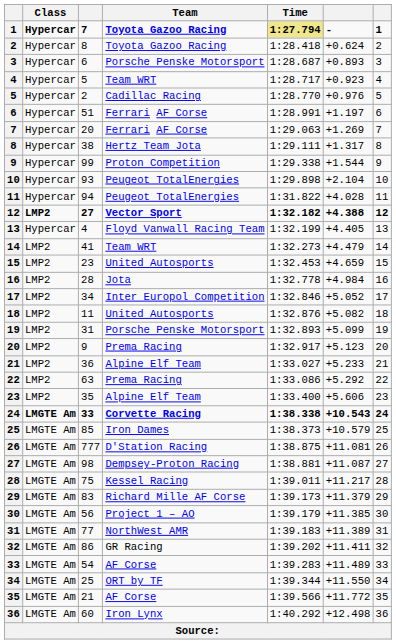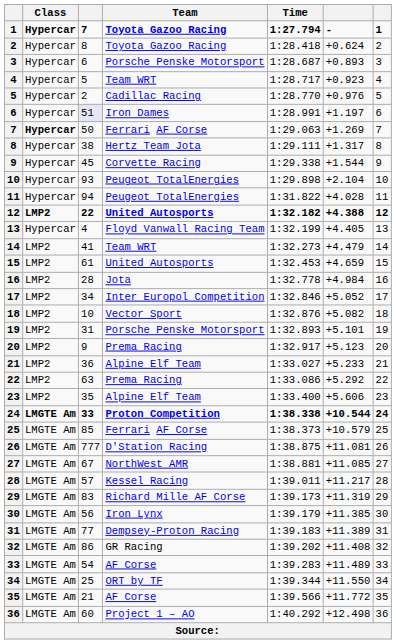 <table class="wikitable" style="font-size:85%;">
 <tr>
 <th></th>
 <th>Class</th>
 <th></th>
 <th>Team</th>
 <th>Time</th>
 <th></th>
 <th></th>
 </tr>
 <tr style="font-weight:bold">
 <th>1</th>
 <td>Hypercar</td>
 <td>7</td>
 <td> <a href='#'>Toyota Gazoo Racing</a></td>
-<td style="background: khaki;">1:27.794</td>
+<td>1:27.794</td>
 <td>-</td>
 <td>1</td>
 </tr>
 <tr>
 <th>2</th>
 <td>Hypercar</td>
 <td>8</td>
 <td> <a href='#'>Toyota Gazoo Racing</a></td>
 <td>1:28.418</td>
 <td>+0.624</td>
 <td>2</td>
 </tr>
 <tr>
 <th>3</th>
 <td>Hypercar</td>
 <td>6</td>
 <td> <a href='#'>Porsche Penske Motorsport</a></td>
 <td>1:28.687</td>
 <td>+0.893</td>
 <td>3</td>
 </tr>
 <tr>
 <th>4</th>
 <td>Hypercar</td>
 <td>5</td>
 <td> <a href='#'>Team WRT</a></td>
 <td>1:28.717</td>
 <td>+0.923</td>
 <td>4</td>
 </tr>
 <tr>
 <th>5</th>
 <td>Hypercar</td>
 <td>2</td>
 <td> <a href='#'>Cadillac Racing</a></td>
 <td>1:28.770</td>
 <td>+0.976</td>
 <td>5</td>
 </tr>
 <tr>
 <th>6</th>
 <td>Hypercar</td>
-<td>51</td>
-<td> <a href='#'>Ferrari</a> <a href='#'>AF Corse</a></td>
+<td style="background: lavender;">51</td>
+<td> <a href='#'>Iron Dames</a></td>
 <td>1:28.991</td>
 <td>+1.197</td>
 <td>6</td>
 </tr>
 <tr>
 <th>7</th>
-<td>Hypercar</td>
-<td>20</td>
+<td><strong>Hypercar</strong></td>
+<td>50</td>
 <td> <a href='#'>Ferrari</a> <a href='#'>AF Corse</a></td>
 <td>1:29.063</td>
 <td>+1.269</td>
 <td>7</td>
 </tr>
 <tr>
 <th>8</th>
 <td>Hypercar</td>
 <td>38</td>
 <td> <a href='#'>Hertz Team Jota</a></td>
 <td>1:29.111</td>
 <td>+1.317</td>
 <td>8</td>
 </tr>
 <tr>
 <th>9</th>
 <td>Hypercar</td>
-<td>99</td>
-<td> <a href='#'>Proton Competition</a></td>
+<td>45</td>
+<td> <a href='#'>Corvette Racing</a></td>
 <td>1:29.338</td>
 <td>+1.544</td>
 <td>9</td>
 </tr>
 <tr>
 <th>10</th>
 <td>Hypercar</td>
 <td>93</td>
 <td> <a href='#'>Peugeot TotalEnergies</a></td>
 <td>1:29.898</td>
 <td>+2.104</td>
 <td>10</td>
 </tr>
 <tr>
 <th>11</th>
 <td>Hypercar</td>
 <td>94</td>
 <td> <a href='#'>Peugeot TotalEnergies</a></td>
 <td>1:31.822</td>
 <td>+4.028</td>
 <td>11</td>
 </tr>
 <tr style="font-weight:bold">
 <th>12</th>
 <td>LMP2</td>
-<td>27</td>
-<td> <a href='#'>Vector Sport</a></td>
+<td>22</td>
+<td> <a href='#'>United Autosports</a></td>
 <td>1:32.182</td>
 <td>+4.388</td>
 <td>12</td>
 </tr>
 <tr>
 <th>13</th>
 <td>Hypercar</td>
 <td>4</td>
 <td> <a href='#'>Floyd Vanwall Racing Team</a></td>
 <td>1:32.199</td>
 <td>+4.405</td>
 <td>13</td>
 </tr>
 <tr>
 <th>14</th>
 <td>LMP2</td>
 <td>41</td>
 <td> <a href='#'>Team WRT</a></td>
 <td>1:32.273</td>
 <td>+4.479</td>
 <td>14</td>
 </tr>
 <tr>
 <th>15</th>
 <td>LMP2</td>
-<td>23</td>
+<td>61</td>
 <td> <a href='#'>United Autosports</a></td>
 <td>1:32.453</td>
 <td>+4.659</td>
 <td>15</td>
 </tr>
 <tr>
 <th>16</th>
 <td>LMP2</td>
 <td>28</td>
 <td> <a href='#'>Jota</a></td>
 <td>1:32.778</td>
 <td>+4.984</td>
 <td>16</td>
 </tr>
 <tr>
 <th>17</th>
 <td>LMP2</td>
 <td>34</td>
 <td> <a href='#'>Inter Europol Competition</a></td>
 <td>1:32.846</td>
 <td>+5.052</td>
 <td>17</td>
 </tr>
 <tr>
 <th>18</th>
 <td>LMP2</td>
-<td>11</td>
-<td> <a href='#'>United Autosports</a></td>
+<td>10</td>
+<td> <a href='#'>Vector Sport</a></td>
 <td>1:32.876</td>
 <td>+5.082</td>
 <td>18</td>
 </tr>
 <tr>
 <th>19</th>
 <td>LMP2</td>
 <td>31</td>
 <td> <a href='#'>Porsche Penske Motorsport</a></td>
 <td>1:32.893</td>
-<td>+5.099</td>
+<td>+5.101</td>
 <td>19</td>
 </tr>
 <tr>
 <th>20</th>
 <td>LMP2</td>
 <td>9</td>
 <td> <a href='#'>Prema Racing</a></td>
 <td>1:32.917</td>
 <td>+5.123</td>
 <td>20</td>
 </tr>
 <tr>
 <th>21</th>
 <td>LMP2</td>
 <td>36</td>
 <td> <a href='#'>Alpine Elf Team</a></td>
 <td>1:33.027</td>
 <td>+5.233</td>
 <td>21</td>
 </tr>
 <tr>
 <th>22</th>
 <td>LMP2</td>
 <td>63</td>
 <td> <a href='#'>Prema Racing</a></td>
 <td>1:33.086</td>
 <td>+5.292</td>
 <td>22</td>
 </tr>
 <tr>
 <th>23</th>
 <td>LMP2</td>
 <td>35</td>
 <td> <a href='#'>Alpine Elf Team</a></td>
 <td>1:33.400</td>
 <td>+5.606</td>
 <td>23</td>
 </tr>
 <tr style="font-weight:bold">
 <th>24</th>
 <td>LMGTE Am</td>
 <td>33</td>
-<td> <a href='#'>Corvette Racing</a></td>
+<td> <a href='#'>Proton Competition</a></td>
 <td>1:38.338</td>
-<td>+10.543</td>
+<td>+10.544</td>
 <td>24</td>
 </tr>
 <tr>
 <th>25</th>
 <td>LMGTE Am</td>
 <td>85</td>
-<td> <a href='#'>Iron Dames</a></td>
+<td> <a href='#'>Ferrari</a> <a href='#'>AF Corse</a></td>
 <td>1:38.373</td>
 <td>+10.579</td>
 <td>25</td>
 </tr>
 <tr>
 <th>26</th>
 <td>LMGTE Am</td>
 <td>777</td>
 <td> <a href='#'>D'Station Racing</a></td>
 <td>1:38.875</td>
 <td>+11.081</td>
 <td>26</td>
 </tr>
 <tr>
 <th>27</th>
 <td>LMGTE Am</td>
-<td>98</td>
-<td> <a href='#'>Dempsey-Proton Racing</a></td>
+<td>67</td>
+<td> <a href='#'>NorthWest AMR</a></td>
 <td>1:38.881</td>
-<td>+11.087</td>
+<td>+11.085</td>
 <td>27</td>
 </tr>
 <tr>
 <th>28</th>
 <td>LMGTE Am</td>
-<td>75</td>
+<td>57</td>
 <td> <a href='#'>Kessel Racing</a></td>
 <td>1:39.011</td>
 <td>+11.217</td>
 <td>28</td>
 </tr>
 <tr>
 <th>29</th>
 <td>LMGTE Am</td>
 <td>83</td>
 <td> <a href='#'>Richard Mille AF Corse</a></td>
 <td>1:39.173</td>
-<td>+11.379</td>
+<td>+11.319</td>
 <td>29</td>
 </tr>
 <tr>
 <th>30</th>
 <td>LMGTE Am</td>
 <td>56</td>
-<td> <a href='#'>Project 1 – AO</a></td>
+<td> <a href='#'>Iron Lynx</a></td>
 <td>1:39.179</td>
 <td>+11.385</td>
 <td>30</td>
 </tr>
 <tr>
 <th>31</th>
 <td>LMGTE Am</td>
 <td>77</td>
-<td> <a href='#'>NorthWest AMR</a></td>
+<td> <a href='#'>Dempsey-Proton Racing</a></td>
 <td>1:39.183</td>
 <td>+11.389</td>
 <td>31</td>
 </tr>
 <tr>
 <th>32</th>
 <td>LMGTE Am</td>
 <td>86</td>
 <td> GR Racing</td>
 <td>1:39.202</td>
-<td>+11.411</td>
+<td>+11.408</td>
 <td>32</td>
 </tr>
 <tr>
 <th>33</th>
 <td>LMGTE Am</td>
 <td>54</td>
 <td> <a href='#'>AF Corse</a></td>
 <td>1:39.283</td>
 <td>+11.489</td>
 <td>33</td>
 </tr>
 <tr>
 <th>34</th>
 <td>LMGTE Am</td>
 <td>25</td>
 <td> <a href='#'>ORT by TF</a></td>
 <td>1:39.344</td>
 <td>+11.550</td>
 <td>34</td>
 </tr>
 <tr>
 <th>35</th>
 <td>LMGTE Am</td>
 <td>21</td>
 <td> <a href='#'>AF Corse</a></td>
 <td>1:39.566</td>
 <td>+11.772</td>
 <td>35</td>
 </tr>
 <tr>
 <th>36</th>
 <td>LMGTE Am</td>
 <td>60</td>
-<td> <a href='#'>Iron Lynx</a></td>
+<td> <a href='#'>Project 1 – AO</a></td>
 <td>1:40.292</td>
 <td>+12.498</td>
 <td>36</td>
 </tr>
 <tr>
 <th colspan="7">Source:</th>
 </tr>
 </table>
